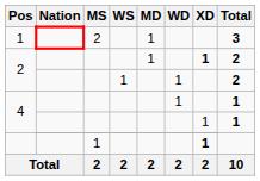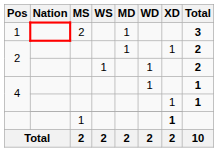 <table class="wikitable" style="text-align:center">
 <tr>
 <th>Pos</th>
 <th>Nation</th>
 <th>MS</th>
 <th>WS</th>
 <th>MD</th>
 <th>WD</th>
 <th>XD</th>
 <th>Total</th>
 </tr>
 <tr>
 <td rowspan=1>1</td>
 <td align="left" style="border: 3px solid red"><strong></strong></td>
 <td>2</td>
 <td></td>
 <td>1</td>
 <td></td>
 <td></td>
 <td><strong>3</strong></td>
 </tr>
 <tr>
 <td rowspan=2>2</td>
 <td align="left"></td>
 <td></td>
 <td></td>
 <td>1</td>
 <td></td>
-<td><strong>1</strong></td>
+<td>1</td>
 <td><strong>2</strong></td>
 </tr>
 <tr>
 <td align="left"></td>
 <td></td>
 <td>1</td>
 <td></td>
 <td>1</td>
 <td></td>
 <td><strong>2</strong></td>
 </tr>
 <tr>
 <td rowspan=3>4</td>
 <td align="left"></td>
 <td></td>
 <td></td>
 <td></td>
 <td>1</td>
 <td></td>
 <td><strong>1</strong></td>
 </tr>
 <tr>
 <td align="left"></td>
 <td></td>
 <td></td>
 <td></td>
 <td></td>
 <td>1</td>
 <td><strong>1</strong></td>
 </tr>
 <tr>
 </tr>
 <tr>
 <td align="left"></td>
 <td></td>
 <td>1</td>
 <td></td>
 <td></td>
 <td></td>
 <td><strong>1</strong></td>
 </tr>
 <tr>
 <th colspan="2">Total</th>
 <th>2</th>
 <th>2</th>
 <th>2</th>
 <th>2</th>
 <th>2</th>
 <th>10</th>
 </tr>
 </table>
